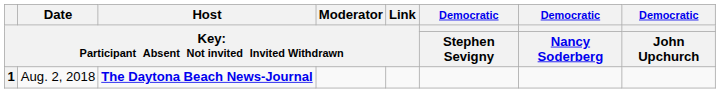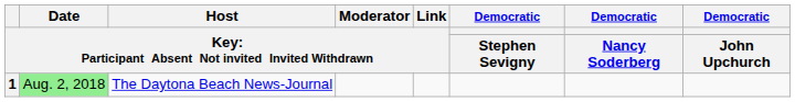 <table class="wikitable" style="text-align:center;">
 <tr>
 <th scope="col"></th>
 <th scope="col">Date</th>
 <th scope="col">Host</th>
 <th scope="col">Moderator</th>
 <th scope="col">Link</th>
 <th scope="col"><small><a href='#'>Democratic</a></small></th>
 <th scope="col"><small><a href='#'>Democratic</a></small></th>
 <th scope="col"><small><a href='#'>Democratic</a></small></th>
 </tr>
 <tr>
 <th colspan="5" rowspan="2">Key:<br> <small>Participant </small>  <small>Absent </small>  <small>Not invited </small>  <small>Invited  Withdrawn</small></th>
 <th scope="col" style="background:"></th>
 <th scope="col" style="background:"></th>
 <th scope="col" style="background:"></th>
 </tr>
 <tr>
 <th scope="col">Stephen Sevigny</th>
 <th scope="col"><a href='#'>Nancy Soderberg</a></th>
 <th scope="col">John Upchurch</th>
 </tr>
 <tr>
 <th>1</th>
-<td style="white-space:nowrap;">Aug. 2, 2018</td>
-<td style="white-space:nowrap;"><strong><a href='#'>The Daytona Beach News-Journal</a></strong></td>
+<td style="background: lightgreen; white-space:nowrap;">Aug. 2, 2018</td>
+<td style="white-space:nowrap;"><a href='#'>The Daytona Beach News-Journal</a></td>
 <td style="white-space:nowrap;"></td>
 <td style="white-space:nowrap;"></td>
 <td></td>
 <td></td>
 <td></td>
 </tr>
 </table>
